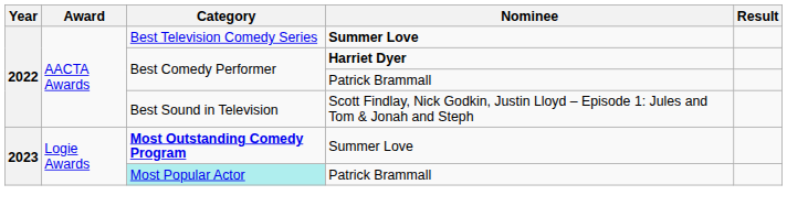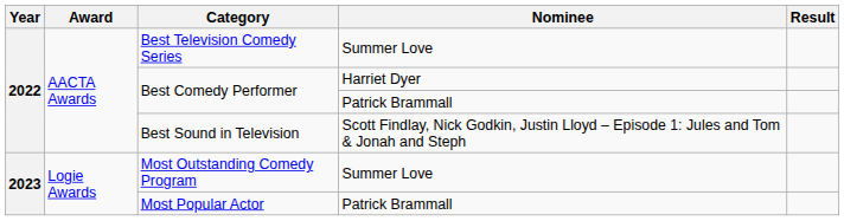 <table class="wikitable plainrowheaders" style="font-size: 95%;">
 <tr>
 <th scope="col">Year</th>
 <th scope="col">Award</th>
 <th scope="col">Category</th>
 <th scope="col">Nominee</th>
 <th scope="col">Result</th>
 </tr>
 <tr>
 <th rowspan=4 scope="row">2022</th>
 <td rowspan=4><a href='#'>AACTA Awards</a></td>
 <td><a href='#'>Best Television Comedy Series</a></td>
-<td><strong>Summer Love</strong></td>
+<td>Summer Love</td>
 <td></td>
 </tr>
 <tr>
 <td rowspan=2>Best Comedy Performer</td>
-<td><strong>Harriet Dyer</strong></td>
+<td>Harriet Dyer</td>
 <td></td>
 </tr>
 <tr>
 <td>Patrick Brammall</td>
 <td></td>
 </tr>
 <tr>
 <td>Best Sound in Television</td>
 <td>Scott Findlay, Nick Godkin, Justin Lloyd – Episode 1: Jules and Tom & Jonah and Steph</td>
 <td></td>
 </tr>
 <tr>
 <th rowspan=2 scope="row">2023</th>
 <td rowspan=2><a href='#'>Logie Awards</a></td>
-<td><strong><a href='#'>Most Outstanding Comedy Program</a></strong></td>
+<td><a href='#'>Most Outstanding Comedy Program</a></td>
 <td>Summer Love</td>
 <td></td>
 </tr>
 <tr>
-<td style="background: paleturquoise;"><a href='#'>Most Popular Actor</a></td>
+<td><a href='#'>Most Popular Actor</a></td>
 <td>Patrick Brammall</td>
 <td></td>
 </tr>
 </table>
